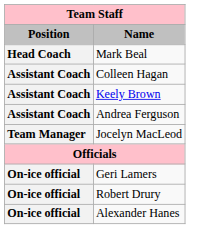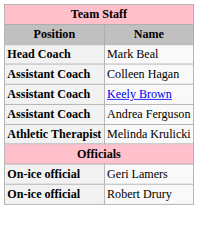 <table class="wikitable" style="text-align:left; font-size:90%;">
 <tr>
 <th style=background:pink colspan=2>Team Staff</th>
 </tr>
 <tr>
 <th style="background:silver;">Position</th>
 <th style="background:silver;">Name</th>
 </tr>
 <tr>
 <th style="text-align:left;">Head Coach</th>
 <td>Mark Beal</td>
 </tr>
 <tr>
 <th style="text-align:left;">Assistant Coach</th>
 <td>Colleen Hagan</td>
 </tr>
 <tr>
 <th style="text-align:left;">Assistant Coach</th>
 <td><a href='#'>Keely Brown</a></td>
 </tr>
 <tr>
 <th style="text-align:left;">Assistant Coach</th>
 <td>Andrea Ferguson</td>
 </tr>
 <tr>
-<th style="text-align:left;">Team Manager</th>
-<td>Jocelyn MacLeod</td>
+<th style="text-align:left;">Athletic Therapist</th>
+<td>Melinda Krulicki</td>
 </tr>
 <tr>
 <th style=background:pink colspan=2>Officials</th>
 </tr>
 <tr>
 <th style="text-align:left;">On-ice official</th>
 <td>Geri Lamers</td>
 </tr>
 <tr>
 <th style="text-align:left;">On-ice official</th>
 <td>Robert Drury</td>
 </tr>
-<tr>
-<th style="text-align:left;">On-ice official</th>
-<td>Alexander Hanes</td>
-</tr>
 </table>
